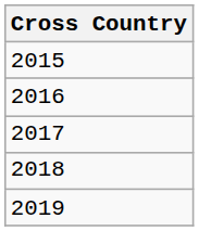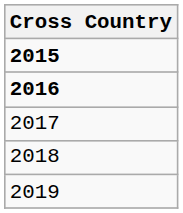 <table class="wikitable">
 <tr>
 <th>Cross Country</th>
 </tr>
 <tr>
-<td>2015</td>
+<td><strong>2015</strong></td>
 </tr>
 <tr>
-<td>2016</td>
+<td><strong>2016</strong></td>
 </tr>
 <tr>
 <td>2017</td>
 </tr>
 <tr>
 <td>2018</td>
 </tr>
 <tr>
 <td>2019</td>
 </tr>
 </table>
